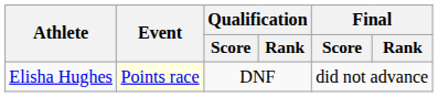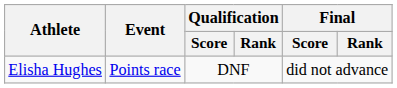 <table class="wikitable" style="font-size:90%">
 <tr>
 <th rowspan="2">Athlete</th>
 <th rowspan="2">Event</th>
 <th colspan=2>Qualification</th>
 <th colspan=2>Final</th>
 </tr>
 <tr style="font-size:95%">
 <th>Score</th>
 <th>Rank</th>
 <th>Score</th>
 <th>Rank</th>
 </tr>
 <tr align=center>
 <td align=left><a href='#'>Elisha Hughes</a></td>
-<td align=left style="background: lightyellow;"><a href='#'>Points race</a></td>
+<td align=left><a href='#'>Points race</a></td>
 <td colspan=2>DNF</td>
 <td colspan=2>did not advance</td>
 </tr>
 </table>
